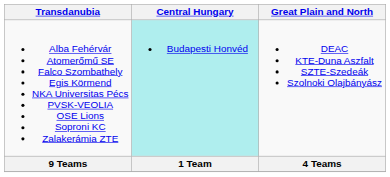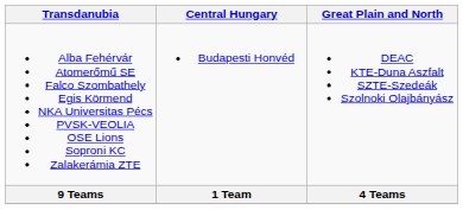 <table class="wikitable" style="clear:right;white-space:nowrap;">
 <tr>
 <th width="33%"><a href='#'>Transdanubia</a></th>
 <th width="33%"><a href='#'>Central Hungary</a></th>
 <th width="33%"><a href='#'>Great Plain and North</a></th>
 </tr>
 <tr align="center" valign="top">
 <td><br><ul><li><a href='#'>Alba Fehérvár</a></li><li><a href='#'>Atomerőmű SE</a></li><li><a href='#'>Falco Szombathely</a></li><li><a href='#'>Egis Körmend</a></li><li><a href='#'>NKA Universitas Pécs</a></li><li><a href='#'>PVSK-VEOLIA</a></li><li><a href='#'>OSE Lions</a></li><li><a href='#'>Soproni KC</a></li><li><a href='#'>Zalakerámia ZTE</a></li></ul></td>
-<td style="background: paleturquoise;"><br><ul><li><a href='#'>Budapesti Honvéd</a></li></ul></td>
+<td><br><ul><li><a href='#'>Budapesti Honvéd</a></li></ul></td>
 <td><br><ul><li><a href='#'>DEAC</a></li><li><a href='#'>KTE-Duna Aszfalt</a></li><li><a href='#'>SZTE-Szedeák</a></li><li><a href='#'>Szolnoki Olajbányász</a></li></ul></td>
 </tr>
 <tr>
 <th>9 Teams</th>
 <th>1 Team</th>
 <th>4 Teams</th>
 </tr>
 <tr>
 </tr>
 </table>
